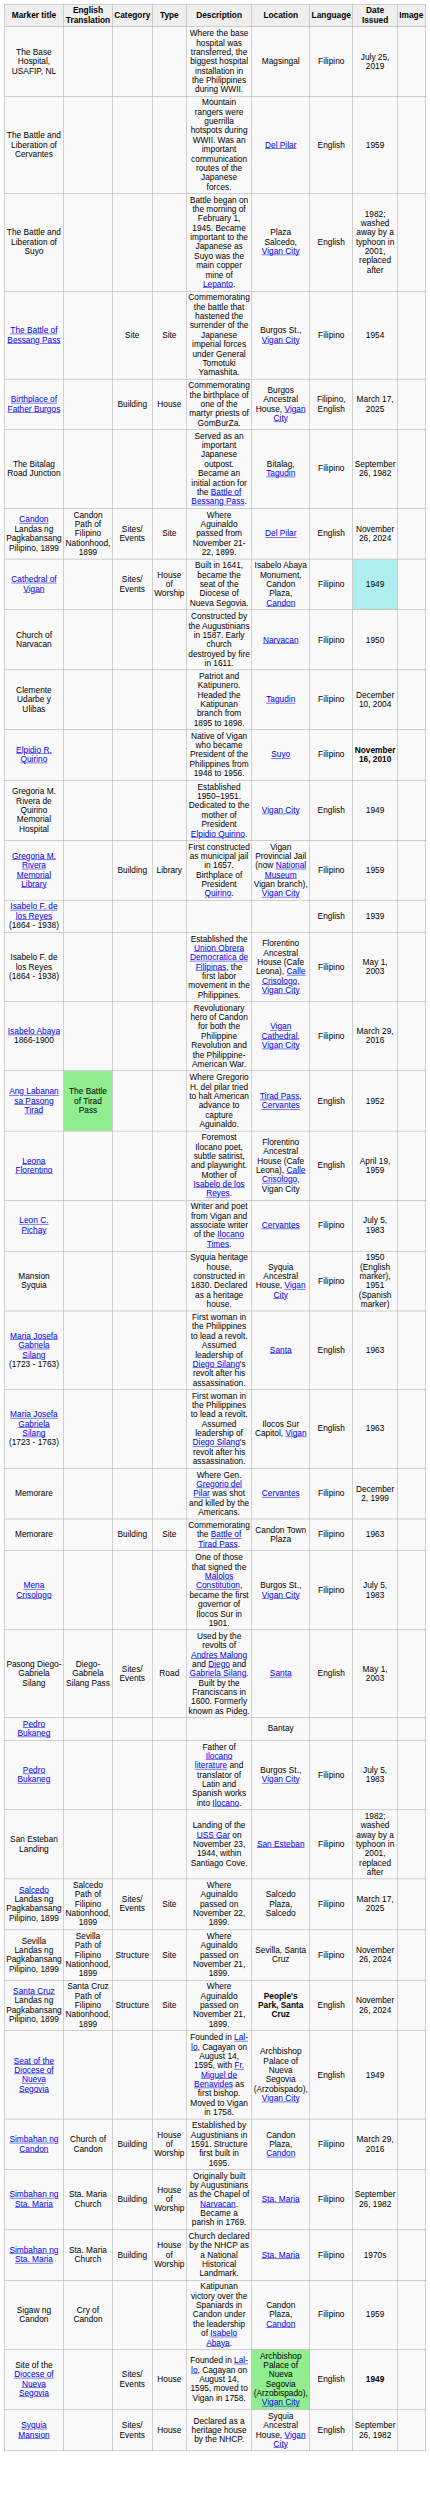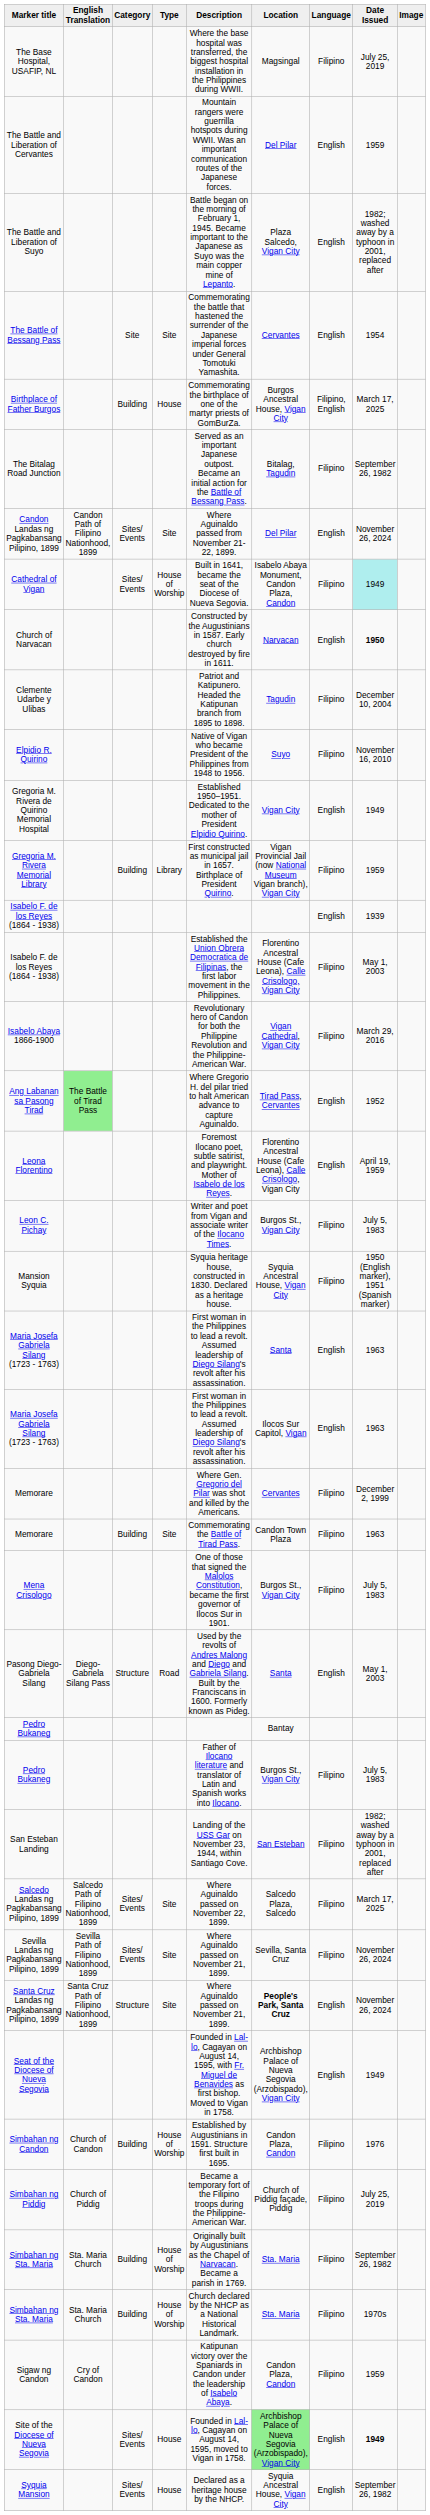 <table class="wikitable" style="width:90%; text-align:center;">
 <tr>
 <th style="width:20%; background:#efefef;">Marker title</th>
 <th style="width:20%; background:#efefef;">English Translation</th>
 <th style="width:10%; background:#efefef;">Category</th>
 <th style="width:10%; background:#efefef;">Type</th>
 <th style="width:20%; background:#efefef;">Description</th>
 <th style="width:20%; background:#efefef;">Location</th>
 <th style="width:10%; background:#efefef;">Language</th>
 <th style="width:10%; background:#efefef;">Date Issued</th>
 <th style="width:10%; background:#efefef;">Image</th>
 </tr>
 <tr>
 <td>The Base Hospital, USAFIP, NL</td>
 <td></td>
 <td></td>
 <td></td>
 <td>Where the base hospital was transferred, the biggest hospital installation in the Philippines during WWII.</td>
 <td>Magsingal</td>
 <td>Filipino</td>
 <td>July 25, 2019</td>
 <td></td>
 </tr>
 <tr>
 <td>The Battle and Liberation of Cervantes</td>
 <td></td>
 <td></td>
 <td></td>
 <td>Mountain rangers were guerrilla hotspots during WWII. Was an important communication routes of the Japanese forces.</td>
 <td><a href='#'>Del Pilar</a></td>
 <td>English</td>
 <td>1959</td>
 <td></td>
 </tr>
 <tr>
 <td>The Battle and Liberation of Suyo</td>
 <td></td>
 <td></td>
 <td></td>
 <td>Battle began on the morning of February 1, 1945. Became important to the Japanese as Suyo was the main copper mine of <a href='#'>Lepanto</a>.</td>
 <td>Plaza Salcedo, <a href='#'>Vigan City</a></td>
 <td>English</td>
 <td>1982; washed away by a typhoon in 2001, replaced after</td>
 <td></td>
 </tr>
 <tr>
 <td><a href='#'>The Battle of Bessang Pass</a></td>
 <td></td>
 <td>Site</td>
 <td>Site</td>
 <td>Commemorating the battle that hastened the surrender of the Japanese imperial forces under General Tomotuki Yamashita.</td>
-<td>Burgos St., <a href='#'>Vigan City</a></td>
-<td>Filipino</td>
+<td><a href='#'>Cervantes</a></td>
+<td>English</td>
 <td>1954</td>
 <td></td>
 </tr>
 <tr>
 <td><a href='#'>Birthplace of Father Burgos</a></td>
 <td></td>
 <td>Building</td>
 <td>House</td>
 <td>Commemorating the birthplace of one of the martyr priests of GomBurZa.</td>
 <td>Burgos Ancestral House, <a href='#'>Vigan City</a></td>
 <td>Filipino, English</td>
 <td>March 17, 2025</td>
 <td></td>
 </tr>
 <tr>
 <td>The Bitalag Road Junction</td>
 <td></td>
 <td></td>
 <td></td>
 <td>Served as an important Japanese outpost. Became an initial action for the <a href='#'>Battle of Bessang Pass</a>.</td>
 <td>Bitalag, <a href='#'>Tagudin</a></td>
 <td>Filipino</td>
 <td>September 26, 1982</td>
 <td></td>
 </tr>
 <tr>
 <td><a href='#'>Candon</a><br>Landas ng Pagkabansang Pilipino, 1899</td>
 <td>Candon<br>Path of Filipino Nationhood, 1899</td>
 <td>Sites/ Events</td>
 <td>Site</td>
 <td>Where Aguinaldo passed from November 21-22, 1899.</td>
 <td><a href='#'>Del Pilar</a></td>
 <td>English</td>
 <td>November 26, 2024</td>
 <td></td>
 </tr>
 <tr>
 <td><a href='#'>Cathedral of Vigan</a></td>
 <td></td>
 <td>Sites/ Events</td>
 <td>House of Worship</td>
 <td>Built in 1641, became the seat of the Diocese of Nueva Segovia.</td>
 <td>Isabelo Abaya Monument, Candon Plaza, <a href='#'>Candon</a></td>
 <td>Filipino</td>
 <td style="background: paleturquoise;">1949</td>
 <td></td>
 </tr>
 <tr>
 <td>Church of Narvacan</td>
 <td></td>
 <td></td>
 <td></td>
 <td>Constructed by the Augustinians in 1587. Early church destroyed by fire in 1611.</td>
 <td><a href='#'>Narvacan</a></td>
-<td>Filipino</td>
-<td>1950</td>
+<td>English</td>
+<td><strong>1950</strong></td>
 <td></td>
 </tr>
 <tr>
 <td>Clemente Udarbe y Ulibas</td>
 <td></td>
 <td></td>
 <td></td>
 <td>Patriot and Katipunero. Headed the Katipunan branch from 1895 to 1898.</td>
 <td><a href='#'>Tagudin</a></td>
 <td>Filipino</td>
 <td>December 10, 2004</td>
 <td></td>
 </tr>
 <tr>
 <td><a href='#'>Elpidio R. Quirino</a></td>
 <td></td>
 <td></td>
 <td></td>
 <td>Native of Vigan who became President of the Philippines from 1948 to 1956.</td>
 <td><a href='#'>Suyo</a></td>
 <td>Filipino</td>
-<td><strong>November 16, 2010</strong></td>
+<td>November 16, 2010</td>
 <td></td>
 </tr>
 <tr>
 <td>Gregoria M. Rivera de Quirino Memorial Hospital</td>
 <td></td>
 <td></td>
 <td></td>
 <td>Established 1950–1951. Dedicated to the mother of President <a href='#'>Elpidio Quirino</a>.</td>
 <td><a href='#'>Vigan City</a></td>
 <td>English</td>
 <td>1949</td>
 <td></td>
 </tr>
 <tr>
 <td><a href='#'>Gregoria M. Rivera Memorial Library</a></td>
 <td></td>
 <td>Building</td>
 <td>Library</td>
 <td>First constructed as municipal jail in 1657. Birthplace of President <a href='#'>Quirino</a>.</td>
 <td>Vigan Provincial Jail (now <a href='#'>National Museum</a> Vigan branch), <a href='#'>Vigan City</a></td>
 <td>Filipino</td>
 <td>1959</td>
 <td></td>
 </tr>
 <tr>
 <td><a href='#'>Isabelo F. de los Reyes</a> (1864 - 1938)</td>
 <td></td>
 <td></td>
 <td></td>
 <td></td>
 <td></td>
 <td>English</td>
 <td>1939</td>
 <td></td>
 </tr>
 <tr>
 <td>Isabelo F. de los Reyes (1864 - 1938)</td>
 <td></td>
 <td></td>
 <td></td>
 <td>Established the <a href='#'>Union Obrera Democratica de Filipinas</a>, the first labor movement in the Philippines.</td>
 <td>Florentino Ancestral House (Cafe Leona), <a href='#'>Calle Crisologo</a><a href='#'>, Vigan City</a></td>
 <td>Filipino</td>
 <td>May 1, 2003</td>
 <td></td>
 </tr>
 <tr>
 <td><a href='#'>Isabelo Abaya</a> <br> 1866-1900</td>
 <td></td>
 <td></td>
 <td></td>
 <td>Revolutionary hero of Candon for both the Philippine Revolution and the Philippine-American War.</td>
 <td><a href='#'>Vigan Cathedral</a>, <a href='#'>Vigan City</a></td>
 <td>Filipino</td>
 <td>March 29, 2016</td>
 <td></td>
 </tr>
 <tr>
 <td><a href='#'>Ang Labanan sa Pasong Tirad</a></td>
 <td style="background: lightgreen;">The Battle of Tirad Pass</td>
 <td></td>
 <td></td>
 <td>Where Gregorio H. del pilar tried to halt American advance to capture Aguinaldo.</td>
 <td><a href='#'>Tirad Pass</a>, <a href='#'>Cervantes</a></td>
 <td>English</td>
 <td>1952</td>
 <td></td>
 </tr>
 <tr>
 <td><a href='#'>Leona Florentino</a></td>
 <td></td>
 <td></td>
 <td></td>
 <td>Foremost Ilocano poet, subtle satirist, and playwright. Mother of <a href='#'>Isabelo de los Reyes</a>.</td>
 <td>Florentino Ancestral House (Cafe Leona), <a href='#'>Calle Crisologo</a>, Vigan City</td>
 <td>English</td>
 <td>April 19, 1959</td>
 <td><br></td>
 </tr>
 <tr>
 <td><a href='#'>Leon C. Pichay</a></td>
 <td></td>
 <td></td>
 <td></td>
 <td>Writer and poet from Vigan and associate writer of the <a href='#'>Ilocano Times</a>.</td>
-<td><a href='#'>Cervantes</a></td>
+<td>Burgos St., <a href='#'>Vigan City</a></td>
 <td>Filipino</td>
 <td>July 5, 1983</td>
 <td></td>
 </tr>
 <tr>
 <td>Mansion Syquia</td>
 <td></td>
 <td></td>
 <td></td>
 <td>Syquia heritage house, constructed in 1830. Declared as a heritage house.</td>
 <td>Syquia Ancestral House, <a href='#'>Vigan City</a></td>
 <td>Filipino</td>
 <td>1950 (English marker), 1951 (Spanish marker)</td>
 <td></td>
 </tr>
 <tr>
 <td><a href='#'>Maria Josefa Gabriela Silang</a> <br> (1723 - 1763)</td>
 <td></td>
 <td></td>
 <td></td>
 <td>First woman in the Philippines to lead a revolt. Assumed leadership of <a href='#'>Diego Silang</a>'s revolt after his assassination.</td>
 <td><a href='#'>Santa</a></td>
 <td>English</td>
 <td>1963</td>
 <td></td>
 </tr>
 <tr>
 <td><a href='#'>Maria Josefa Gabriela Silang</a> <br> (1723 - 1763)</td>
 <td></td>
 <td></td>
 <td></td>
 <td>First woman in the Philippines to lead a revolt. Assumed leadership of <a href='#'>Diego Silang</a>'s revolt after his assassination.</td>
 <td>Ilocos Sur Capitol, <a href='#'>Vigan</a></td>
 <td>English</td>
 <td>1963</td>
 <td></td>
 </tr>
 <tr>
 <td>Memorare</td>
 <td></td>
 <td></td>
 <td></td>
 <td>Where Gen. <a href='#'>Gregorio del Pilar</a> was shot and killed by the Americans.</td>
 <td><a href='#'>Cervantes</a></td>
 <td>Filipino</td>
 <td>December 2, 1999</td>
 <td></td>
 </tr>
 <tr>
 <td>Memorare</td>
 <td></td>
 <td>Building</td>
 <td>Site</td>
 <td>Commemorating the <a href='#'>Battle of Tirad Pass</a>.</td>
 <td>Candon Town Plaza</td>
 <td>Filipino</td>
 <td>1963</td>
 <td></td>
 </tr>
 <tr>
 <td><a href='#'>Mena Crisologo</a></td>
 <td></td>
 <td></td>
 <td></td>
 <td>One of those that signed the <a href='#'>Malolos Constitution</a>, became the first governor of Ilocos Sur in 1901.</td>
 <td>Burgos St., <a href='#'>Vigan City</a></td>
 <td>Filipino</td>
 <td>July 5, 1983</td>
 <td></td>
 </tr>
 <tr>
 <td>Pasong Diego-Gabriela Silang</td>
 <td>Diego-Gabriela Silang Pass</td>
-<td>Sites/ Events</td>
+<td>Structure</td>
 <td>Road</td>
 <td>Used by the revolts of <a href='#'>Andres Malong</a> and <a href='#'>Diego</a> and <a href='#'>Gabriela Silang</a>. Built by the Franciscans in 1600. Formerly known as Pideg.</td>
 <td><a href='#'>Santa</a></td>
 <td>English</td>
 <td>May 1, 2003</td>
 <td></td>
 </tr>
 <tr>
 <td><a href='#'>Pedro Bukaneg</a></td>
 <td></td>
 <td></td>
 <td></td>
 <td></td>
 <td>Bantay</td>
 <td></td>
 <td></td>
 <td></td>
 </tr>
 <tr>
 <td><a href='#'>Pedro Bukaneg</a></td>
 <td></td>
 <td></td>
 <td></td>
 <td>Father of <a href='#'>Ilocano literature</a> and translator of Latin and Spanish works into <a href='#'>Ilocano</a>.</td>
 <td>Burgos St., <a href='#'>Vigan City</a></td>
 <td>Filipino</td>
 <td>July 5, 1983</td>
 <td></td>
 </tr>
 <tr>
 <td>San Esteban Landing</td>
 <td></td>
 <td></td>
 <td></td>
 <td>Landing of the <a href='#'>USS Gar</a> on November 23, 1944, within Santiago Cove.</td>
 <td><a href='#'>San Esteban</a></td>
 <td>Filipino</td>
 <td>1982; washed away by a typhoon in 2001, replaced after</td>
 <td></td>
 </tr>
 <tr>
 <td><a href='#'>Salcedo</a><br>Landas ng Pagkabansang Pilipino, 1899</td>
 <td>Salcedo<br>Path of Filipino Nationhood, 1899</td>
 <td>Sites/ Events</td>
 <td>Site</td>
 <td>Where Aguinaldo passed on November 22, 1899.</td>
 <td>Salcedo Plaza, Salcedo</td>
 <td>Filipino</td>
 <td>March 17, 2025</td>
 <td></td>
 </tr>
 <tr>
 <td>Sevilla<br>Landas ng Pagkabansang Pilipino, 1899</td>
 <td>Sevilla<br>Path of Filipino Nationhood, 1899</td>
-<td>Structure</td>
+<td>Sites/ Events</td>
 <td>Site</td>
 <td>Where Aguinaldo passed on November 21, 1899.</td>
 <td>Sevilla, Santa Cruz</td>
 <td>Filipino</td>
 <td>November 26, 2024</td>
 <td></td>
 </tr>
 <tr>
 <td><a href='#'>Santa Cruz</a><br>Landas ng Pagkabansang Pilipino, 1899</td>
 <td>Santa Cruz<br>Path of Filipino Nationhood, 1899</td>
 <td>Structure</td>
 <td>Site</td>
 <td>Where Aguinaldo passed on November 21, 1899.</td>
 <td><strong>People's Park, Santa Cruz</strong></td>
 <td>English</td>
 <td>November 26, 2024</td>
 <td></td>
 </tr>
 <tr>
 <td><a href='#'>Seat of the Diocese of Nueva Segovia</a></td>
 <td></td>
 <td></td>
 <td></td>
 <td>Founded in <a href='#'>Lal-lo</a>, Cagayan on August 14, 1595, with <a href='#'>Fr. Miguel de Benavides</a> as first bishop. Moved to Vigan in 1758.</td>
 <td>Archbishop Palace of Nueva Segovia (Arzobispado), <a href='#'>Vigan City</a></td>
 <td>English</td>
 <td>1949</td>
 <td></td>
 </tr>
 <tr>
 <td><a href='#'>Simbahan ng Candon</a></td>
 <td>Church of Candon</td>
 <td>Building</td>
 <td>House of Worship</td>
 <td>Established by Augustinians in 1591. Structure first built in 1695.</td>
 <td>Candon Plaza, <a href='#'>Candon</a></td>
 <td>Filipino</td>
-<td>March 29, 2016</td>
+<td>1976</td>
+<td></td>
+</tr>
+<tr>
+<td><a href='#'>Simbahan ng Piddig</a></td>
+<td>Church of Piddig</td>
+<td></td>
+<td></td>
+<td>Became a temporary fort of the Filipino troops during the Philippine-American War.</td>
+<td>Church of Piddig façade, Piddig</td>
+<td>Filipino</td>
+<td>July 25, 2019</td>
 <td></td>
 </tr>
 <tr>
 <td><a href='#'>Simbahan ng Sta. Maria</a></td>
 <td>Sta. Maria Church</td>
 <td>Building</td>
 <td>House of Worship</td>
 <td>Originally built by Augustinians as the Chapel of <a href='#'>Narvacan</a>. Became a parish in 1769.</td>
 <td><a href='#'>Sta. Maria</a></td>
 <td>Filipino</td>
 <td>September 26, 1982</td>
 <td></td>
 </tr>
 <tr>
 <td><a href='#'>Simbahan ng Sta. Maria</a></td>
 <td>Sta. Maria Church</td>
 <td>Building</td>
 <td>House of Worship</td>
 <td>Church declared by the NHCP as a National Historical Landmark.</td>
 <td><a href='#'>Sta. Maria</a></td>
 <td>Filipino</td>
 <td>1970s</td>
 <td></td>
 </tr>
 <tr>
 <td>Sigaw ng Candon</td>
 <td>Cry of Candon</td>
 <td></td>
 <td></td>
 <td>Katipunan victory over the Spaniards in Candon under the leadership of <a href='#'>Isabelo Abaya</a>.</td>
 <td>Candon Plaza, <a href='#'>Candon</a></td>
 <td>Filipino</td>
 <td>1959</td>
 <td></td>
 </tr>
 <tr>
 <td>Site of the <a href='#'>Diocese of Nueva Segovia</a></td>
 <td></td>
 <td>Sites/ Events</td>
 <td>House</td>
 <td>Founded in <a href='#'>Lal-lo</a>, Cagayan on August 14, 1595, moved to Vigan in 1758.</td>
 <td style="background: lightgreen;">Archbishop Palace of Nueva Segovia (Arzobispado), <a href='#'>Vigan City</a></td>
 <td>English</td>
 <td><strong>1949</strong></td>
 <td></td>
 </tr>
 <tr>
 <td><a href='#'>Syquia Mansion</a></td>
 <td></td>
 <td>Sites/ Events</td>
 <td>House</td>
 <td>Declared as a heritage house by the NHCP.</td>
 <td>Syquia Ancestral House, <a href='#'>Vigan City</a></td>
 <td>English</td>
 <td>September 26, 1982</td>
 <td></td>
 </tr>
 </table>
